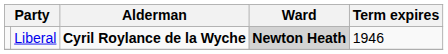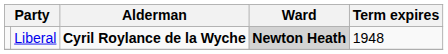 <table class="wikitable">
 <tr>
 <th colspan="2">Party</th>
 <th>Alderman</th>
 <th>Ward</th>
 <th>Term expires</th>
 </tr>
 <tr>
 <td style="background-color:"></td>
 <td><a href='#'>Liberal</a></td>
 <td><strong>Cyril Roylance de la Wyche</strong></td>
 <td style="background: lightgrey;"><strong>Newton Heath</strong></td>
-<td>1946</td>
+<td>1948</td>
 </tr>
 <tr>
 </tr>
 </table>
